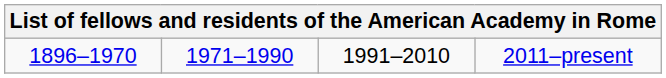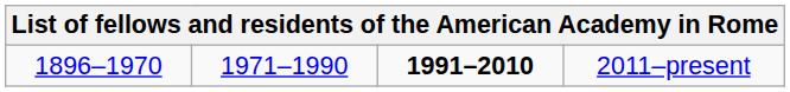 <table class="wikitable">
 <tr>
 <th colspan="4">List of fellows and residents of the American Academy in Rome</th>
 </tr>
 <tr>
 <td align="center"><a href='#'>1896–1970</a></td>
 <td align="center"><a href='#'>1971–1990</a></td>
-<td align="center">1991–2010</td>
+<td align="center"><strong>1991–2010</strong></td>
 <td align="center"><a href='#'>2011–present</a></td>
 </tr>
 </table>
